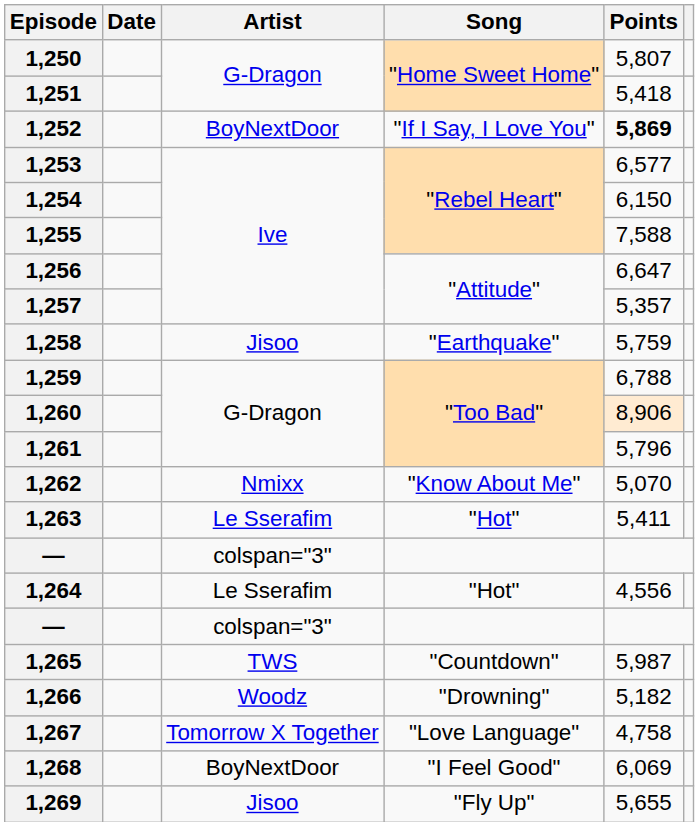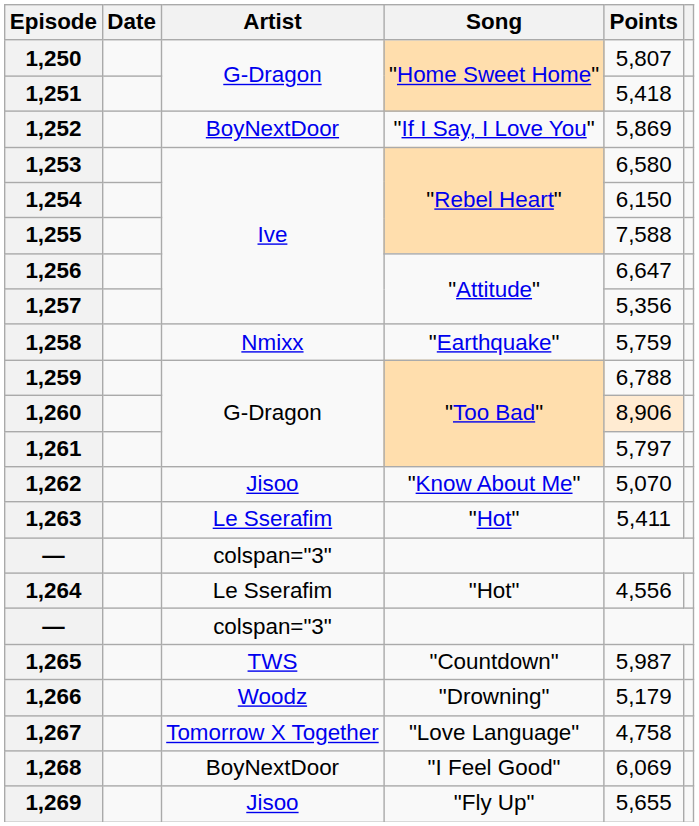 <table class="wikitable plainrowheaders sortable" style="text-align:center">
 <tr>
 <th scope="col">Episode</th>
 <th scope="col">Date</th>
 <th scope="col">Artist</th>
 <th scope="col">Song</th>
 <th scope="col">Points</th>
 <th scope="col" class="unsortable"></th>
 </tr>
 <tr>
 <th scope="row" style="text-align:center">1,250</th>
 <td></td>
 <td rowspan="2"><a href='#'>G-Dragon</a></td>
 <td rowspan="2" style="background:#FFDEAD">"<a href='#'>Home Sweet Home</a>"  </td>
 <td>5,807</td>
 <td style="text-align:center"></td>
 </tr>
 <tr>
 <th scope="row" style="text-align:center">1,251</th>
 <td></td>
 <td>5,418</td>
 <td style="text-align:center"></td>
 </tr>
 <tr>
 <th scope="row" style="text-align:center">1,252</th>
 <td></td>
 <td><a href='#'>BoyNextDoor</a> </td>
 <td>"<a href='#'>If I Say, I Love You</a>"</td>
-<td><strong>5,869</strong></td>
+<td>5,869</td>
 <td style="text-align:center"></td>
 </tr>
 <tr>
 <th scope="row" style="text-align:center">1,253</th>
 <td></td>
 <td rowspan="5"><a href='#'>Ive</a></td>
 <td rowspan="3" style="background:#FFDEAD">"<a href='#'>Rebel Heart</a>" </td>
-<td>6,577</td>
+<td>6,580</td>
 <td style="text-align:center"></td>
 </tr>
 <tr>
 <th scope="row" style="text-align:center">1,254</th>
 <td></td>
 <td>6,150</td>
 <td style="text-align:center"></td>
 </tr>
 <tr>
 <th scope="row" style="text-align:center">1,255</th>
 <td></td>
 <td>7,588</td>
 <td style="text-align:center"></td>
 </tr>
 <tr>
 <th scope="row" style="text-align:center">1,256</th>
 <td></td>
 <td rowspan="2">"<a href='#'>Attitude</a>"</td>
 <td>6,647</td>
 <td style="text-align:center"></td>
 </tr>
 <tr>
 <th scope="row" style="text-align:center">1,257</th>
 <td></td>
-<td>5,357</td>
+<td>5,356</td>
 <td style="text-align:center"></td>
 </tr>
 <tr>
 <th scope="row" style="text-align:center">1,258</th>
 <td></td>
-<td><a href='#'>Jisoo</a> </td>
+<td><a href='#'>Nmixx</a></td>
 <td>"<a href='#'>Earthquake</a>"</td>
 <td>5,759</td>
 <td style="text-align:center"></td>
 </tr>
 <tr>
 <th scope="row" style="text-align:center">1,259</th>
 <td></td>
 <td rowspan="3">G-Dragon </td>
 <td rowspan="3" style="background:#FFDEAD">"<a href='#'>Too Bad</a>" </td>
 <td>6,788</td>
 <td style="text-align:center"></td>
 </tr>
 <tr>
 <th scope="row" style="text-align:center">1,260</th>
 <td></td>
 <td style="background:#FFEBD2;">8,906 </td>
 <td style="text-align:center"></td>
 </tr>
 <tr>
 <th scope="row" style="text-align:center">1,261</th>
 <td></td>
-<td>5,796</td>
+<td>5,797</td>
 <td style="text-align:center"></td>
 </tr>
 <tr>
 <th scope="row" style="text-align:center">1,262</th>
 <td></td>
-<td><a href='#'>Nmixx</a></td>
+<td><a href='#'>Jisoo</a> </td>
 <td>"<a href='#'>Know About Me</a>"</td>
 <td>5,070</td>
 <td style="text-align:center"></td>
 </tr>
 <tr>
 <th scope="row" style="text-align:center">1,263</th>
 <td></td>
 <td><a href='#'>Le Sserafim</a></td>
 <td>"<a href='#'>Hot</a>"</td>
 <td>5,411</td>
 <td style="text-align:center"></td>
 </tr>
 <tr>
 <th scope="row" style="text-align:center">—</th>
 <td></td>
 <td>colspan="3" </td>
 <td></td>
 </tr>
 <tr>
 <th scope="row" style="text-align:center">1,264</th>
 <td></td>
 <td>Le Sserafim</td>
 <td>"Hot"</td>
 <td>4,556</td>
 <td style="text-align:center"></td>
 </tr>
 <tr>
 <th scope="row" style="text-align:center">—</th>
 <td></td>
 <td>colspan="3" </td>
 <td></td>
 </tr>
 <tr>
 <th scope="row" style="text-align:center">1,265</th>
 <td></td>
 <td><a href='#'>TWS</a></td>
 <td>"Countdown"</td>
 <td>5,987</td>
 <td style="text-align:center"></td>
 </tr>
 <tr>
 <th scope="row" style="text-align:center">1,266</th>
 <td></td>
 <td><a href='#'>Woodz</a></td>
 <td>"Drowning"</td>
-<td>5,182</td>
+<td>5,179</td>
 <td style="text-align:center"></td>
 </tr>
 <tr>
 <th scope="row" style="text-align:center">1,267</th>
 <td></td>
 <td><a href='#'>Tomorrow X Together</a></td>
 <td>"Love Language"</td>
 <td>4,758</td>
 <td style="text-align:center"></td>
 </tr>
 <tr>
 <th scope="row" style="text-align:center">1,268</th>
 <td></td>
 <td>BoyNextDoor</td>
 <td>"I Feel Good"</td>
 <td>6,069</td>
 <td style="text-align:center"></td>
 </tr>
 <tr>
 <th scope="row" style="text-align:center">1,269</th>
 <td></td>
 <td><a href='#'>Jisoo</a> </td>
 <td>"Fly Up"</td>
 <td>5,655</td>
 <td style="text-align:center"></td>
 </tr>
 </table>
